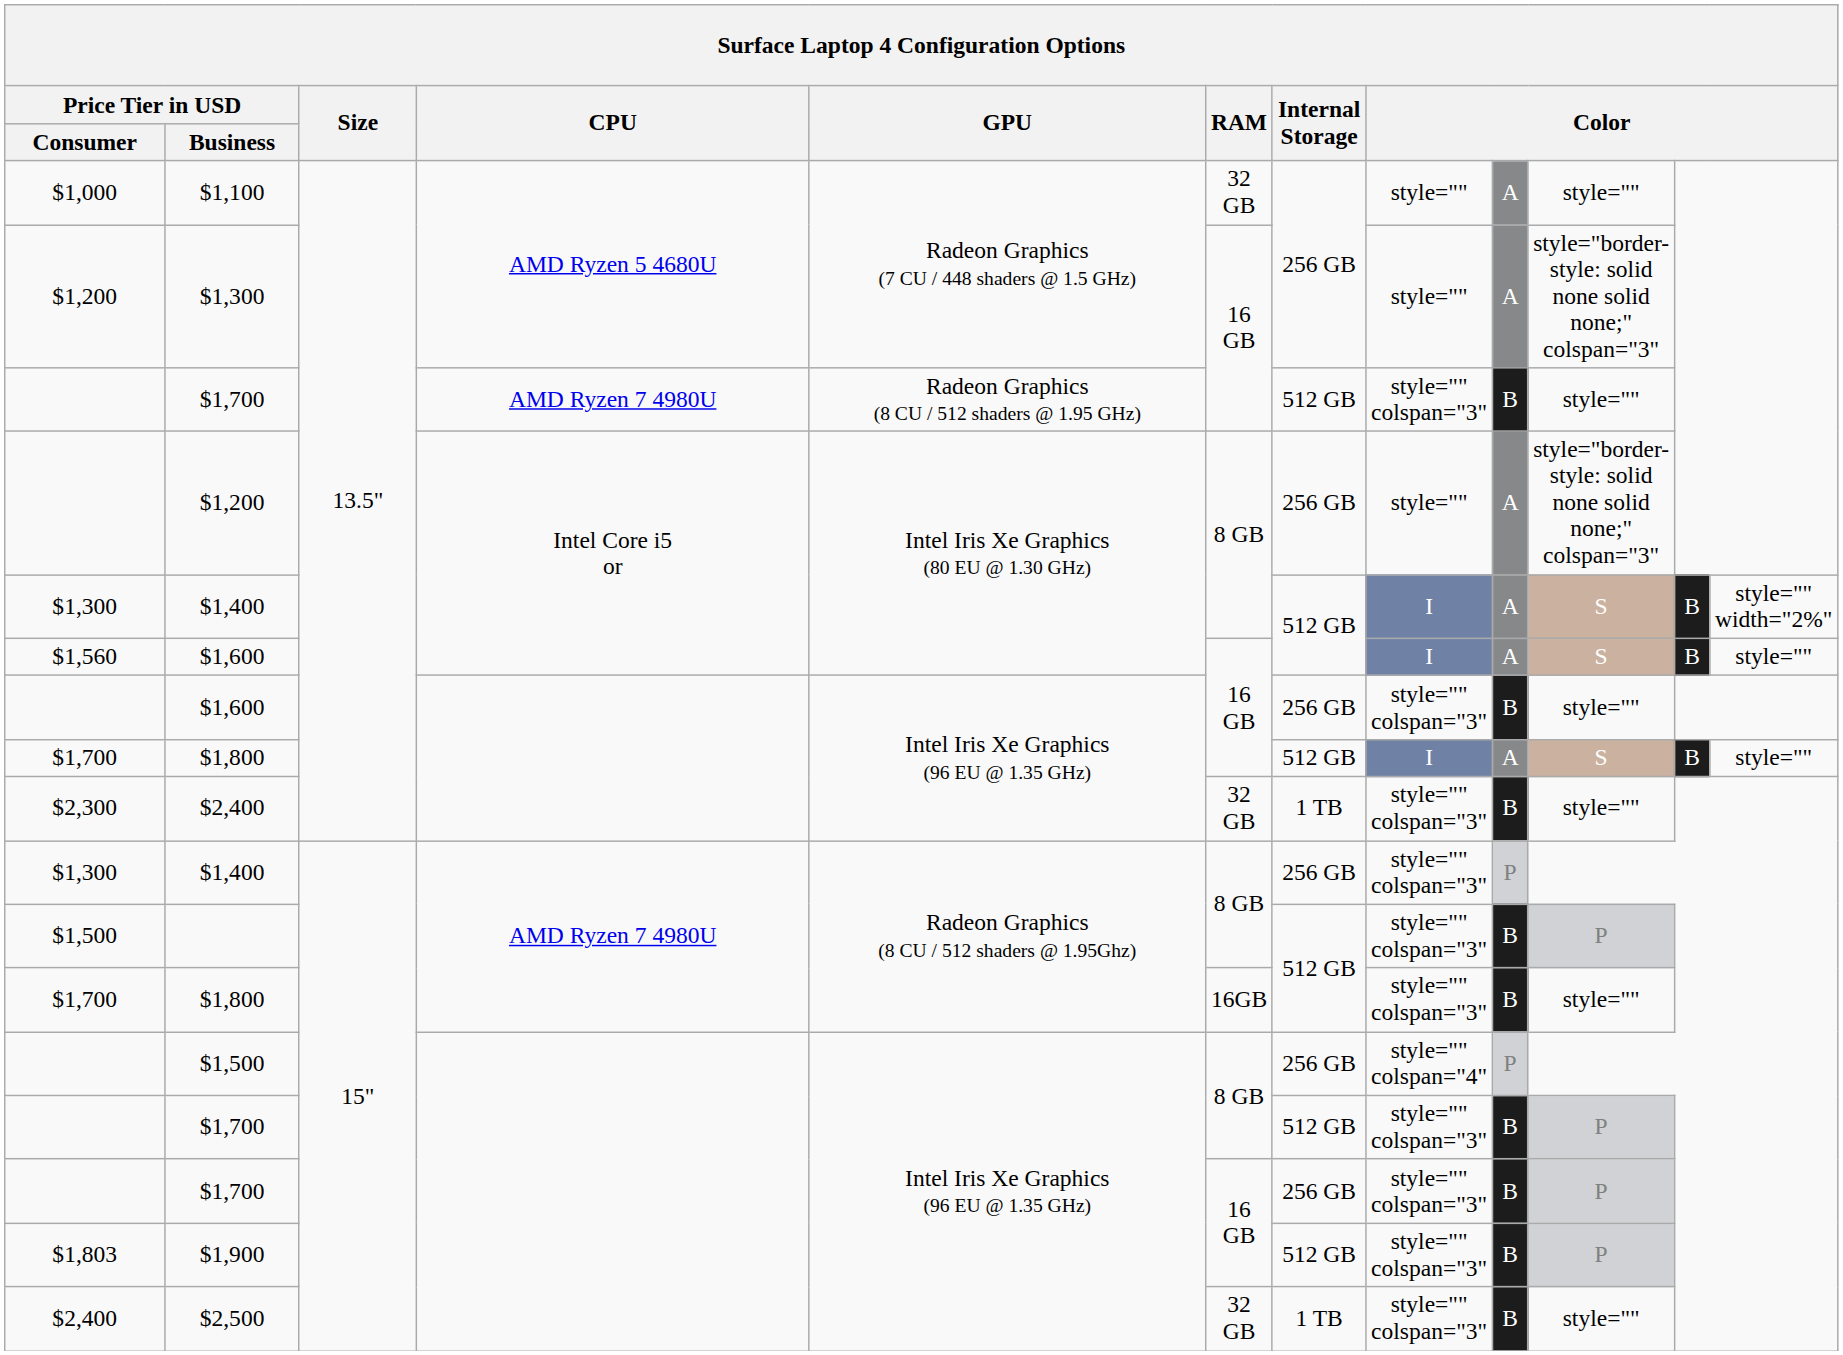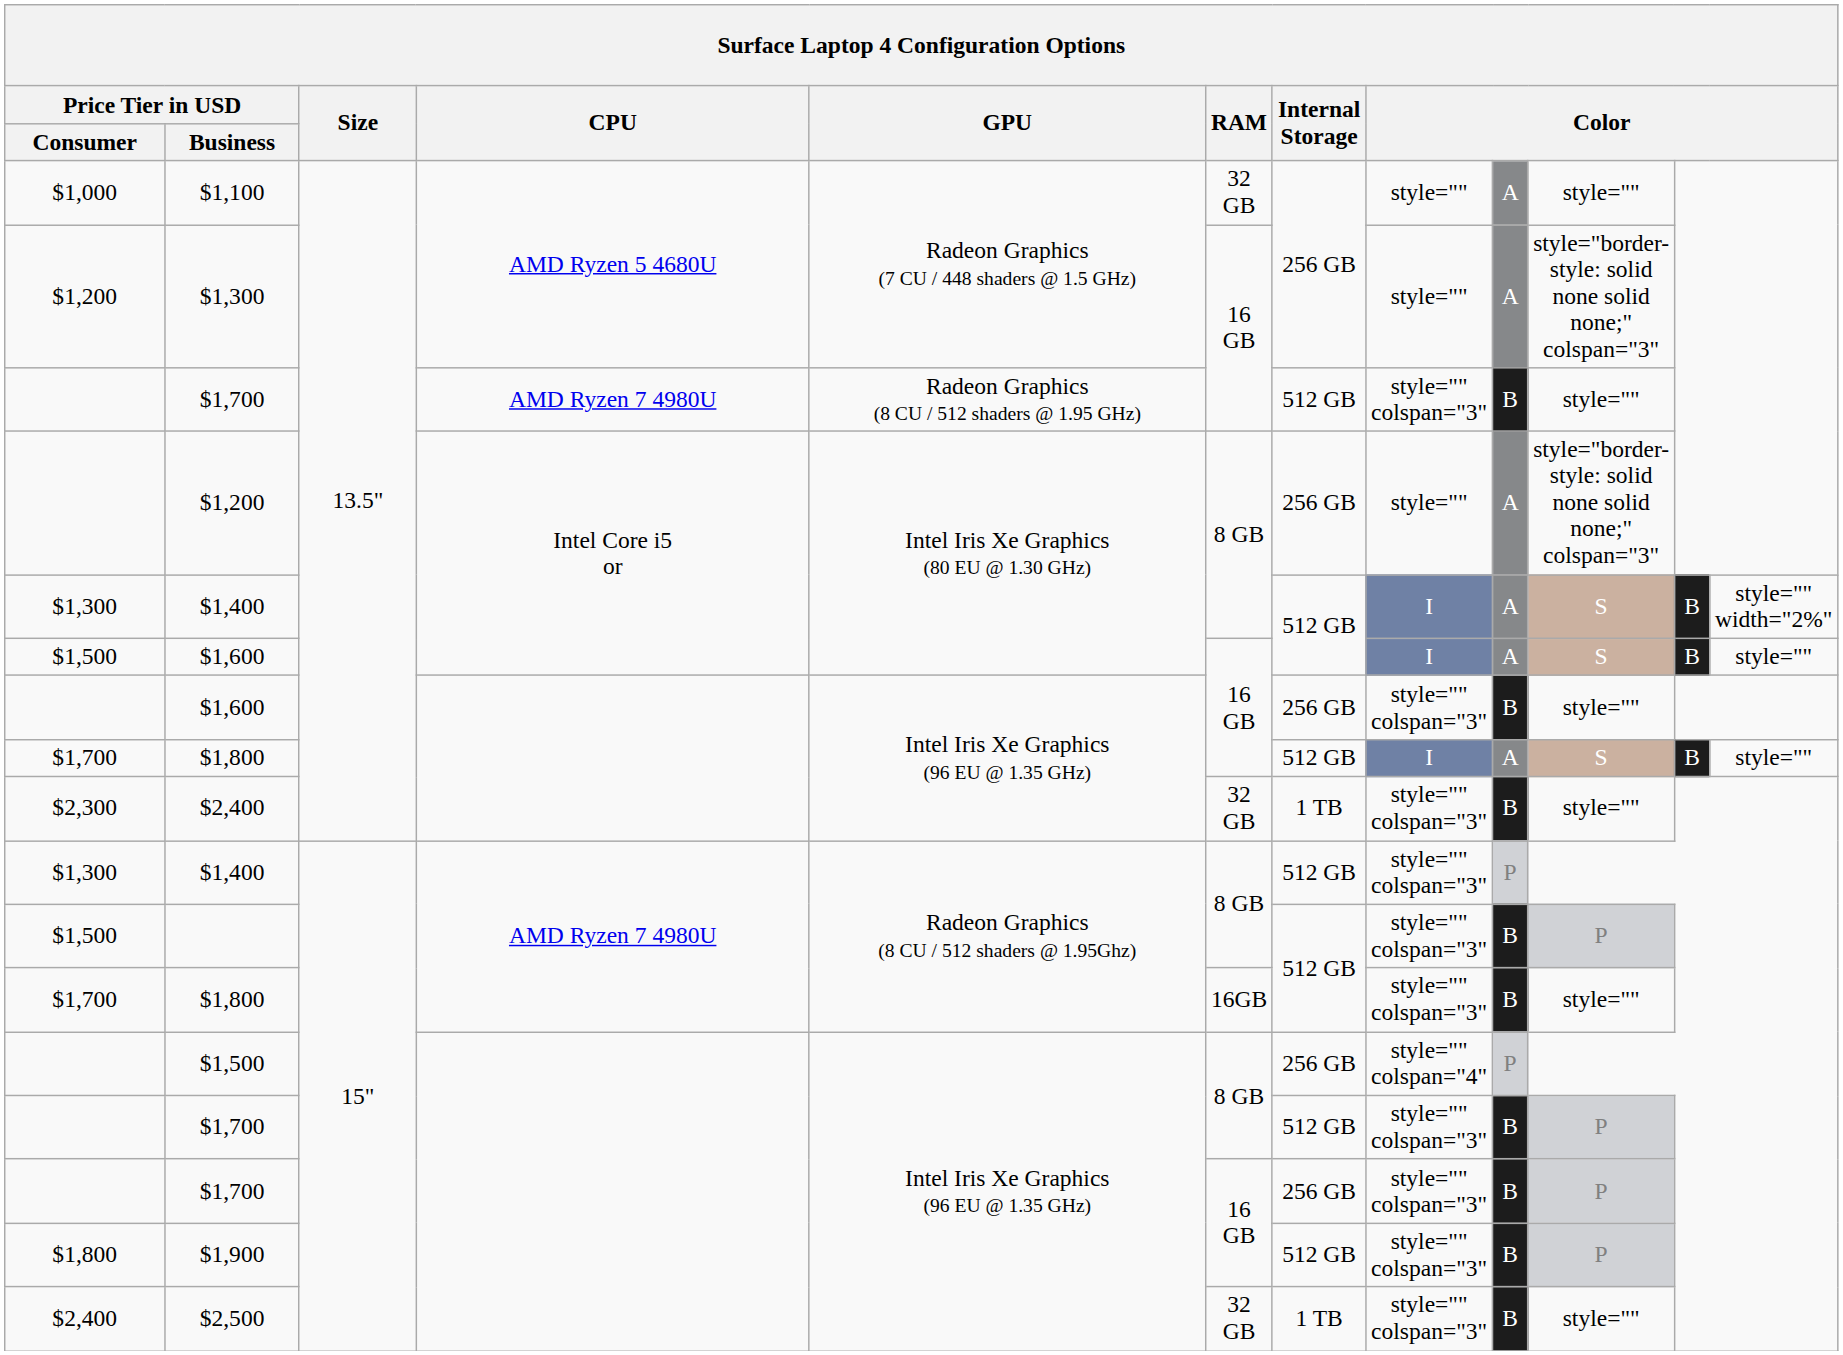 <table class="wikitable sortable" style="text-align:center;" align="center" text-align="center">
 <tr>
 <th colspan="12" style=" height:3em;">Surface Laptop 4 Configuration Options</th>
 </tr>
 <tr>
 <th colspan="2" width="17%">Price Tier in USD</th>
 <th rowspan="2" width="07%">Size</th>
 <th rowspan="2" width="25%">CPU</th>
 <th rowspan="2" width="25%">GPU</th>
 <th rowspan="2">RAM</th>
 <th rowspan="2">Internal Storage</th>
 <th colspan="5" class="unsortable" rowspan="2">Color</th>
 </tr>
 <tr>
 <th>Consumer</th>
 <th>Business</th>
 </tr>
 <tr>
 <td>$1,000</td>
 <td>$1,100</td>
 <td rowspan="9">13.5"</td>
 <td rowspan="2"><a href='#'>AMD Ryzen 5 4680U</a></td>
 <td rowspan="2">Radeon Graphics<br><small>(7 CU / 448 shaders @ 1.5 GHz)</small></td>
 <td>32 GB</td>
 <td rowspan="2">256 GB</td>
 <td>style=""  </td>
 <td style="background: #86888a; color: white;">A </td>
 <td>style=""  </td>
 </tr>
 <tr>
 <td>$1,200</td>
 <td>$1,300</td>
 <td rowspan="2">16 GB</td>
 <td>style=""  </td>
 <td style="background: #86888a; color: white;">A</td>
 <td>style="border-style: solid none solid none;" colspan="3"  </td>
 </tr>
 <tr>
 <td></td>
 <td>$1,700</td>
 <td><a href='#'>AMD Ryzen 7 4980U</a></td>
 <td>Radeon Graphics<br><small>(8 CU / 512 shaders @ 1.95 GHz)</small></td>
 <td>512 GB</td>
 <td>style="" colspan="3"  </td>
 <td style="background: #1c1c1c; color: white;">B</td>
 <td>style=""  </td>
 </tr>
 <tr>
 <td></td>
 <td>$1,200</td>
 <td rowspan="3">Intel Core i5<br> or </td>
 <td rowspan="3">Intel Iris Xe Graphics<br><small>(80 EU @ 1.30 GHz)</small></td>
 <td rowspan="2">8 GB</td>
 <td>256 GB</td>
 <td>style=""  </td>
 <td style="background: #86888a; color: white;">A</td>
 <td>style="border-style: solid none solid none;" colspan="3"  </td>
 </tr>
 <tr>
 <td>$1,300</td>
 <td>$1,400</td>
 <td rowspan="2">512 GB</td>
 <td style=" background: #6F81A5; color: white;" width="2.2%">I</td>
 <td style="background: #86888a; color: white;" width="2%">A</td>
 <td style="background: #cbb1a0; color: white;" width="2%">S</td>
 <td style="background: #1c1c1c; color: white;" width="2%">B</td>
 <td>style="" width="2%"  </td>
 </tr>
 <tr>
-<td>$1,560</td>
+<td>$1,500</td>
 <td>$1,600</td>
 <td rowspan="3">16 GB</td>
 <td style=" background: #6F81A5; color: white;">I</td>
 <td style="background: #86888a; color: white;">A</td>
 <td style="background: #cbb1a0; color: white;">S</td>
 <td style="background: #1c1c1c; color: white;">B</td>
 <td>style=""  </td>
 </tr>
 <tr>
 <td></td>
 <td>$1,600</td>
 <td rowspan="3"></td>
 <td rowspan="3">Intel Iris Xe Graphics<br><small>(96 EU @ 1.35 GHz)</small></td>
 <td>256 GB</td>
 <td>style="" colspan="3"  </td>
 <td style="background: #1c1c1c; color: white;">B</td>
 <td>style=""  </td>
 </tr>
 <tr>
 <td>$1,700</td>
 <td>$1,800</td>
 <td>512 GB</td>
 <td style=" background: #6F81A5; color: white;">I</td>
 <td style="background: #86888a; color: white;">A</td>
 <td style="background: #cbb1a0; color: white;">S</td>
 <td style="background: #1c1c1c; color: white;">B</td>
 <td>style=""  </td>
 </tr>
 <tr>
 <td>$2,300</td>
 <td>$2,400</td>
 <td>32 GB</td>
 <td>1 TB</td>
 <td>style="" colspan="3"  </td>
 <td style="background: #1c1c1c; color: white;">B</td>
 <td>style=""  </td>
 </tr>
 <tr>
 <td>$1,300</td>
 <td>$1,400</td>
 <td rowspan="8">15"</td>
 <td rowspan="3"><a href='#'>AMD Ryzen 7 4980U</a></td>
 <td rowspan="3">Radeon Graphics<br><small>(8 CU / 512 shaders @ 1.95Ghz)</small></td>
 <td rowspan="2">8 GB</td>
-<td>256 GB</td>
+<td>512 GB</td>
 <td>style="" colspan="3"  </td>
 <td style="background: #D0D2D6; color: grey; ">P</td>
 </tr>
 <tr>
 <td>$1,500</td>
 <td></td>
 <td rowspan="2">512 GB</td>
 <td>style="" colspan="3"  </td>
 <td style="background: #1c1c1c; color: white;">B</td>
 <td style="background: #D0D2D6; color: grey; ">P</td>
 </tr>
 <tr>
 <td>$1,700</td>
 <td>$1,800</td>
 <td>16GB</td>
 <td>style="" colspan="3"  </td>
 <td style=" background: #1c1c1c; color: white;">B</td>
 <td>style="" </td>
 </tr>
 <tr>
 <td></td>
 <td>$1,500</td>
 <td rowspan="5"></td>
 <td rowspan="5">Intel Iris Xe Graphics<br><small>(96 EU @ 1.35 GHz)</small></td>
 <td rowspan="2">8 GB</td>
 <td>256 GB</td>
 <td>style="" colspan="4"  </td>
 <td style="background: #D0D2D6; color: grey; ">P</td>
 </tr>
 <tr>
 <td></td>
 <td>$1,700</td>
 <td>512 GB</td>
 <td>style="" colspan="3"  </td>
 <td style="background: #1c1c1c; color: white;">B</td>
 <td style="background: #D0D2D6; color: grey; ">P</td>
 </tr>
 <tr>
 <td></td>
 <td>$1,700</td>
 <td rowspan="2">16 GB</td>
 <td>256 GB</td>
 <td>style="" colspan="3"  </td>
 <td style="background: #1c1c1c; color: white;">B</td>
 <td style="background: #D0D2D6; color: grey; ">P</td>
 </tr>
 <tr>
-<td>$1,803</td>
+<td>$1,800</td>
 <td>$1,900</td>
 <td>512 GB</td>
 <td>style="" colspan="3"  </td>
 <td style="background: #1c1c1c; color: white;">B</td>
 <td style="background: #D0D2D6; color: grey; ">P</td>
 </tr>
 <tr>
 <td>$2,400</td>
 <td>$2,500</td>
 <td>32 GB</td>
 <td>1 TB</td>
 <td>style="" colspan="3"  </td>
 <td style="background: #1c1c1c; color: white;">B</td>
 <td>style="" </td>
 </tr>
 </table>
